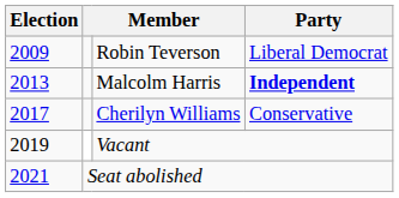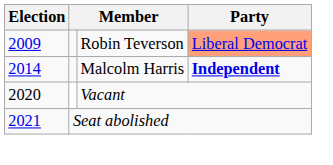 <table class="wikitable">
 <tr>
 <th>Election</th>
 <th colspan="2">Member</th>
 <th>Party</th>
 </tr>
 <tr>
 <td><a href='#'>2009</a></td>
 <td rowspan="1" style="background-color: "></td>
 <td rowspan="1">Robin Teverson</td>
-<td rowspan="1"><a href='#'>Liberal Democrat</a></td>
+<td rowspan="1" style="background: lightsalmon;"><a href='#'>Liberal Democrat</a></td>
 </tr>
 <tr>
-<td><a href='#'>2013</a></td>
+<td><a href='#'>2014</a></td>
 <td rowspan="1" style="background-color: "></td>
 <td rowspan="1">Malcolm Harris</td>
 <td rowspan="1"><strong><a href='#'>Independent</a></strong></td>
 </tr>
 <tr>
-<td><a href='#'>2017</a></td>
-<td rowspan="1" style="background-color: "></td>
-<td rowspan="1"><a href='#'>Cherilyn Williams</a></td>
-<td rowspan="1"><a href='#'>Conservative</a></td>
-</tr>
-<tr>
-<td>2019</td>
+<td>2020</td>
 <td rowspan="1" style="background-color: #FFFFFF"></td>
 <td rowspan="1" colspan="2"><em>Vacant</em></td>
 </tr>
 <tr>
 <td><a href='#'>2021</a></td>
 <td colspan="3"><em>Seat abolished</em></td>
 </tr>
 </table>
